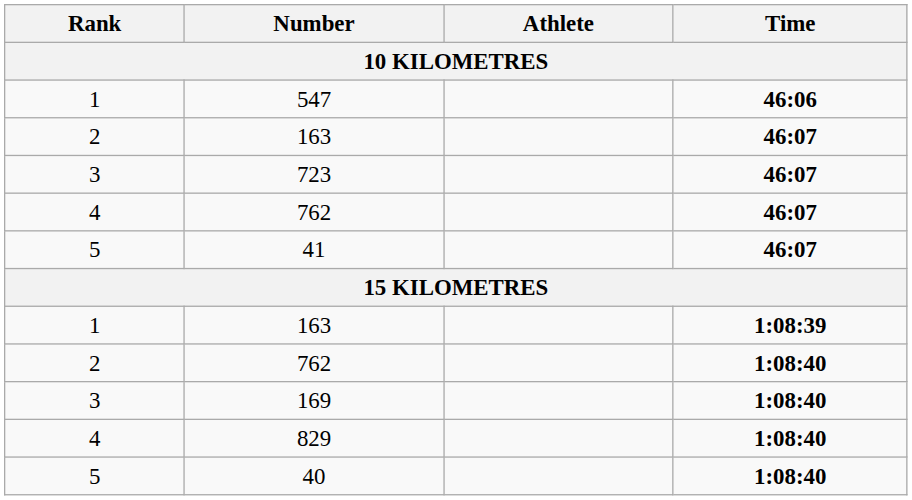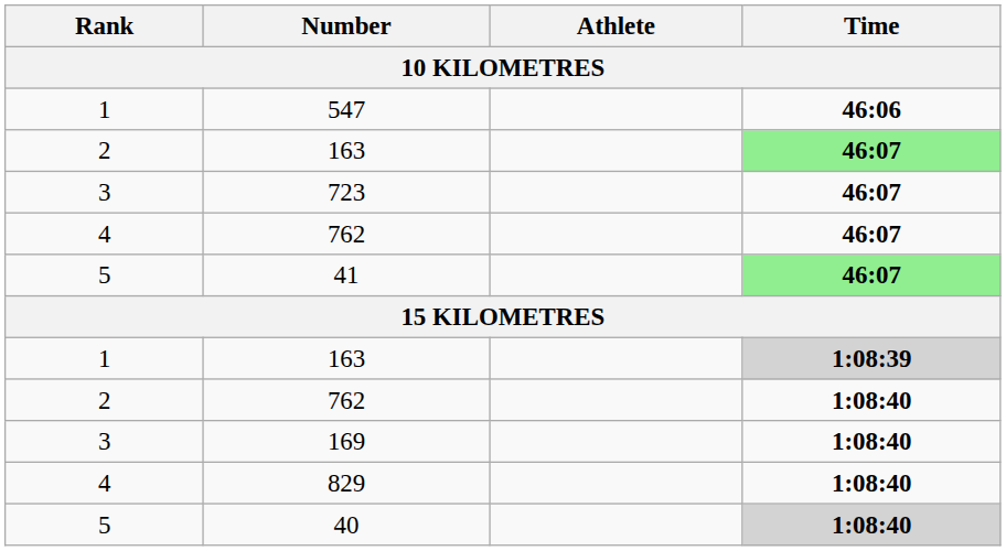 <table class="wikitable" style=" text-align:center; font-size:110%;" width="55%">
 <tr>
 <th>Rank</th>
 <th>Number</th>
 <th>Athlete</th>
 <th>Time</th>
 </tr>
 <tr>
 <th colspan="4">10 KILOMETRES</th>
 </tr>
 <tr>
 <td>1</td>
 <td>547</td>
 <td align=left></td>
 <td><strong>46:06</strong></td>
 </tr>
 <tr>
 <td>2</td>
 <td>163</td>
 <td align=left></td>
-<td><strong>46:07</strong></td>
+<td style="background: lightgreen;"><strong>46:07</strong></td>
 </tr>
 <tr>
 <td>3</td>
 <td>723</td>
 <td align=left></td>
 <td><strong>46:07</strong></td>
 </tr>
 <tr>
 <td>4</td>
 <td>762</td>
 <td align=left></td>
 <td><strong>46:07</strong></td>
 </tr>
 <tr>
 <td>5</td>
 <td>41</td>
 <td align=left></td>
-<td><strong>46:07</strong></td>
+<td style="background: lightgreen;"><strong>46:07</strong></td>
 </tr>
 <tr>
 <th colspan="4">15 KILOMETRES</th>
 </tr>
 <tr>
 <td>1</td>
 <td>163</td>
 <td align=left></td>
-<td><strong>1:08:39</strong></td>
+<td style="background: lightgrey;"><strong>1:08:39</strong></td>
 </tr>
 <tr>
 <td>2</td>
 <td>762</td>
 <td align=left></td>
 <td><strong>1:08:40</strong></td>
 </tr>
 <tr>
 <td>3</td>
 <td>169</td>
 <td align=left></td>
 <td><strong>1:08:40</strong></td>
 </tr>
 <tr>
 <td>4</td>
 <td>829</td>
 <td align=left></td>
 <td><strong>1:08:40</strong></td>
 </tr>
 <tr>
 <td>5</td>
 <td>40</td>
 <td align=left></td>
-<td><strong>1:08:40</strong></td>
+<td style="background: lightgrey;"><strong>1:08:40</strong></td>
 </tr>
 </table>
